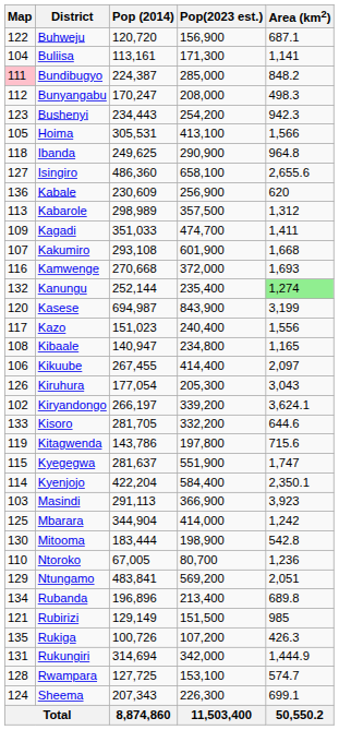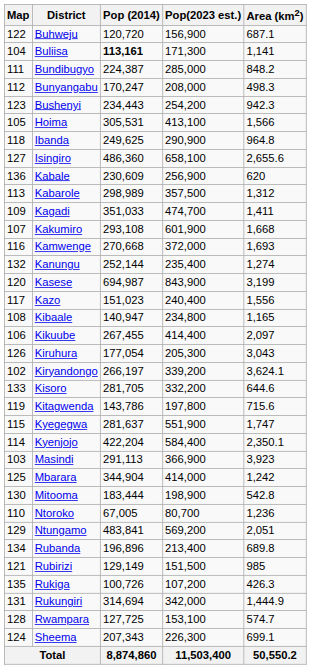 <table class="wikitable sortable" style="font-size:90%;">
 <tr>
 <th>Map</th>
 <th>District</th>
 <th>Pop (2014)</th>
 <th>Pop(2023 est.)</th>
 <th>Area (km<sup>2</sup>)</th>
 </tr>
 <tr>
 <td>122</td>
 <td><a href='#'>Buhweju</a></td>
 <td>120,720</td>
 <td>156,900</td>
 <td>687.1</td>
 </tr>
 <tr>
 <td>104</td>
 <td><a href='#'>Buliisa</a></td>
-<td>113,161</td>
+<td><strong>113,161</strong></td>
 <td>171,300</td>
 <td>1,141</td>
 </tr>
 <tr>
-<td style="background: pink;">111</td>
+<td>111</td>
 <td><a href='#'>Bundibugyo</a></td>
 <td>224,387</td>
 <td>285,000</td>
 <td>848.2</td>
 </tr>
 <tr>
 <td>112</td>
 <td><a href='#'>Bunyangabu</a></td>
 <td>170,247</td>
 <td>208,000</td>
 <td>498.3</td>
 </tr>
 <tr>
 <td>123</td>
 <td><a href='#'>Bushenyi</a></td>
 <td>234,443</td>
 <td>254,200</td>
 <td>942.3</td>
 </tr>
 <tr>
 <td>105</td>
 <td><a href='#'>Hoima</a></td>
 <td>305,531</td>
 <td>413,100</td>
 <td>1,566</td>
 </tr>
 <tr>
 <td>118</td>
 <td><a href='#'>Ibanda</a></td>
 <td>249,625</td>
 <td>290,900</td>
 <td>964.8</td>
 </tr>
 <tr>
 <td>127</td>
 <td><a href='#'>Isingiro</a></td>
 <td>486,360</td>
 <td>658,100</td>
 <td>2,655.6</td>
 </tr>
 <tr>
 <td>136</td>
 <td><a href='#'>Kabale</a></td>
 <td>230,609</td>
 <td>256,900</td>
 <td>620</td>
 </tr>
 <tr>
 <td>113</td>
 <td><a href='#'>Kabarole</a></td>
 <td>298,989</td>
 <td>357,500</td>
 <td>1,312</td>
 </tr>
 <tr>
 <td>109</td>
 <td><a href='#'>Kagadi</a></td>
 <td>351,033</td>
 <td>474,700</td>
 <td>1,411</td>
 </tr>
 <tr>
 <td>107</td>
 <td><a href='#'>Kakumiro</a></td>
 <td>293,108</td>
 <td>601,900</td>
 <td>1,668</td>
 </tr>
 <tr>
 <td>116</td>
 <td><a href='#'>Kamwenge</a></td>
 <td>270,668</td>
 <td>372,000</td>
 <td>1,693</td>
 </tr>
 <tr>
 <td>132</td>
 <td><a href='#'>Kanungu</a></td>
 <td>252,144</td>
 <td>235,400</td>
-<td style="background: lightgreen;">1,274</td>
+<td>1,274</td>
 </tr>
 <tr>
 <td>120</td>
 <td><a href='#'>Kasese</a></td>
 <td>694,987</td>
 <td>843,900</td>
 <td>3,199</td>
 </tr>
 <tr>
 <td>117</td>
 <td><a href='#'>Kazo</a></td>
 <td>151,023</td>
 <td>240,400</td>
 <td>1,556</td>
 </tr>
 <tr>
 <td>108</td>
 <td><a href='#'>Kibaale</a></td>
 <td>140,947</td>
 <td>234,800</td>
 <td>1,165</td>
 </tr>
 <tr>
 <td>106</td>
 <td><a href='#'>Kikuube</a></td>
 <td>267,455</td>
 <td>414,400</td>
 <td>2,097</td>
 </tr>
 <tr>
 <td>126</td>
 <td><a href='#'>Kiruhura</a></td>
 <td>177,054</td>
 <td>205,300</td>
 <td>3,043</td>
 </tr>
 <tr>
 <td>102</td>
 <td><a href='#'>Kiryandongo</a></td>
 <td>266,197</td>
 <td>339,200</td>
 <td>3,624.1</td>
 </tr>
 <tr>
 <td>133</td>
 <td><a href='#'>Kisoro</a></td>
 <td>281,705</td>
 <td>332,200</td>
 <td>644.6</td>
 </tr>
 <tr>
 <td>119</td>
 <td><a href='#'>Kitagwenda</a></td>
 <td>143,786</td>
 <td>197,800</td>
 <td>715.6</td>
 </tr>
 <tr>
 <td>115</td>
 <td><a href='#'>Kyegegwa</a></td>
 <td>281,637</td>
 <td>551,900</td>
 <td>1,747</td>
 </tr>
 <tr>
 <td>114</td>
 <td><a href='#'>Kyenjojo</a></td>
 <td>422,204</td>
 <td>584,400</td>
 <td>2,350.1</td>
 </tr>
 <tr>
 <td>103</td>
 <td><a href='#'>Masindi</a></td>
 <td>291,113</td>
 <td>366,900</td>
 <td>3,923</td>
 </tr>
 <tr>
 <td>125</td>
 <td><a href='#'>Mbarara</a></td>
 <td>344,904</td>
 <td>414,000</td>
 <td>1,242</td>
 </tr>
 <tr>
 <td>130</td>
 <td><a href='#'>Mitooma</a></td>
 <td>183,444</td>
 <td>198,900</td>
 <td>542.8</td>
 </tr>
 <tr>
 <td>110</td>
 <td><a href='#'>Ntoroko</a></td>
 <td>67,005</td>
 <td>80,700</td>
 <td>1,236</td>
 </tr>
 <tr>
 <td>129</td>
 <td><a href='#'>Ntungamo</a></td>
 <td>483,841</td>
 <td>569,200</td>
 <td>2,051</td>
 </tr>
 <tr>
 <td>134</td>
 <td><a href='#'>Rubanda</a></td>
 <td>196,896</td>
 <td>213,400</td>
 <td>689.8</td>
 </tr>
 <tr>
 <td>121</td>
 <td><a href='#'>Rubirizi</a></td>
 <td>129,149</td>
 <td>151,500</td>
 <td>985</td>
 </tr>
 <tr>
 <td>135</td>
 <td><a href='#'>Rukiga</a></td>
 <td>100,726</td>
 <td>107,200</td>
 <td>426.3</td>
 </tr>
 <tr>
 <td>131</td>
 <td><a href='#'>Rukungiri</a></td>
 <td>314,694</td>
 <td>342,000</td>
 <td>1,444.9</td>
 </tr>
 <tr>
 <td>128</td>
 <td><a href='#'>Rwampara</a></td>
 <td>127,725</td>
 <td>153,100</td>
 <td>574.7</td>
 </tr>
 <tr>
 <td>124</td>
 <td><a href='#'>Sheema</a></td>
 <td>207,343</td>
 <td>226,300</td>
 <td>699.1</td>
 </tr>
 <tr>
 <th colspan="2">Total</th>
 <th>8,874,860</th>
 <th>11,503,400</th>
 <th>50,550.2</th>
 </tr>
 </table>
